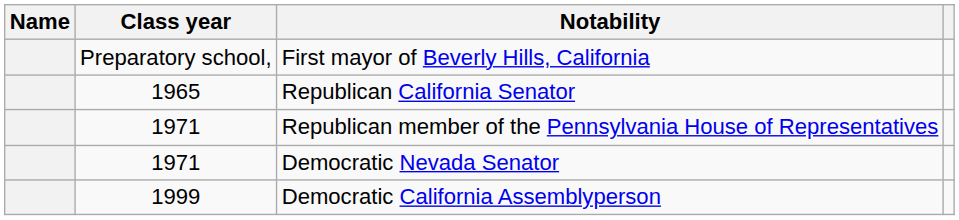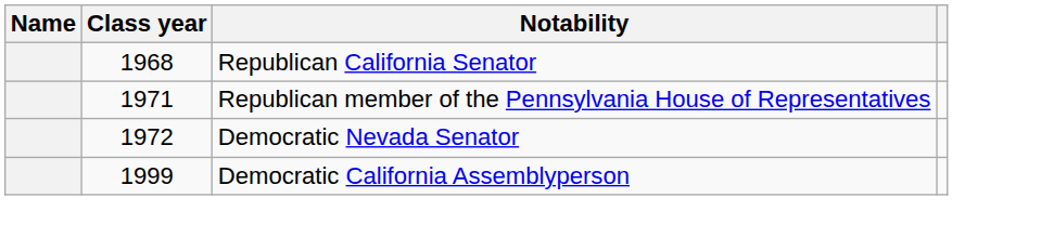 <table class="wikitable sortable plainrowheaders" style="text-align:center; border:2px solid #">
 <tr>
 <th scope="col">Name</th>
 <th scope="col">Class year</th>
 <th scope="col">Notability</th>
 <th scope="col"></th>
 </tr>
 <tr>
 <th scope="row"></th>
-<td>Preparatory school, </td>
-<td style="text-align:left;">First mayor of <a href='#'>Beverly Hills, California</a></td>
-<td></td>
-</tr>
-<tr>
-<th scope="row"></th>
-<td>1965</td>
+<td>1968</td>
 <td style="text-align:left;">Republican <a href='#'>California Senator</a></td>
 <td></td>
 </tr>
 <tr>
 <th scope="row"></th>
 <td>1971</td>
 <td style="text-align:left;">Republican member of the <a href='#'>Pennsylvania House of Representatives</a></td>
 <td></td>
 </tr>
 <tr>
 <th scope="row"></th>
-<td>1971</td>
+<td>1972</td>
 <td style="text-align:left;">Democratic <a href='#'>Nevada Senator</a></td>
 <td></td>
 </tr>
 <tr>
 <th scope="row"></th>
 <td>1999</td>
 <td style="text-align:left;">Democratic <a href='#'>California Assemblyperson</a></td>
 <td></td>
 </tr>
 </table>
